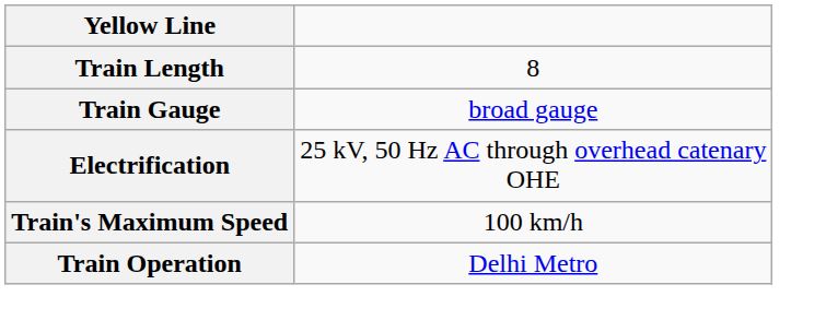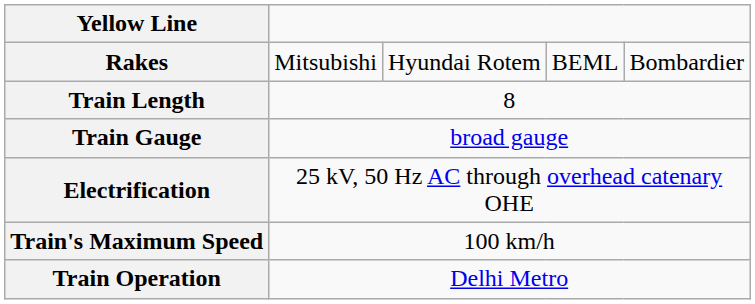 <table class="wikitable" style="text-align:center">
 <tr>
 <th style="background:#"><span>Yellow Line</span></th>
+</tr>
+<tr>
+<th>Rakes</th>
+<td>Mitsubishi</td>
+<td>Hyundai Rotem</td>
+<td>BEML</td>
+<td>Bombardier</td>
 </tr>
 <tr>
 <th>Train Length</th>
 <td colspan="4">8</td>
 </tr>
 <tr>
 <th>Train Gauge</th>
 <td colspan="4"> <a href='#'>broad gauge</a></td>
 </tr>
 <tr>
 <th>Electrification</th>
 <td colspan="4">25 kV, 50 Hz <a href='#'>AC</a> through <a href='#'>overhead catenary</a><br>OHE</td>
 </tr>
 <tr>
 <th>Train's Maximum Speed</th>
 <td colspan="4">100 km/h</td>
 </tr>
 <tr>
 <th>Train Operation</th>
 <td colspan="4"><a href='#'>Delhi Metro</a></td>
 </tr>
 </table>
